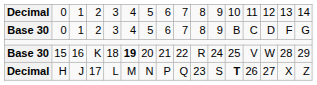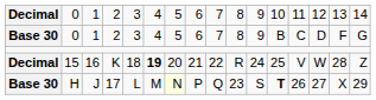 <table class="wikitable">
 <tr align="right">
 <th>Decimal</th>
 <td>0</td>
 <td>1</td>
 <td>2</td>
 <td>3</td>
 <td>4</td>
 <td>5</td>
 <td>6</td>
 <td>7</td>
 <td>8</td>
 <td>9</td>
 <td>10</td>
 <td>11</td>
 <td>12</td>
 <td>13</td>
 <td>14</td>
 </tr>
 <tr align="right">
 <th>Base 30</th>
 <td>0</td>
 <td>1</td>
 <td>2</td>
 <td>3</td>
 <td>4</td>
 <td>5</td>
 <td>6</td>
 <td>7</td>
 <td>8</td>
 <td>9</td>
 <td>B</td>
 <td>C</td>
 <td>D</td>
 <td>F</td>
 <td>G</td>
 </tr>
 <tr>
 <td style="font: 0.5em/0.5em serif;" colspan="19"> </td>
 </tr>
 <tr align="right">
-<th>Base 30</th>
+<th>Decimal</th>
 <td>15</td>
 <td>16</td>
 <td>K</td>
 <td>18</td>
 <td><strong>19</strong></td>
 <td>20</td>
 <td>21</td>
 <td>22</td>
 <td>R</td>
 <td>24</td>
 <td>25</td>
 <td>V</td>
 <td>W</td>
 <td>28</td>
-<td>29</td>
+<td>Z</td>
 </tr>
 <tr align="right">
-<th>Decimal</th>
+<th>Base 30</th>
 <td>H</td>
 <td>J</td>
 <td>17</td>
 <td>L</td>
 <td>M</td>
-<td>N</td>
+<td style="background: lightyellow;">N</td>
 <td>P</td>
 <td>Q</td>
 <td>23</td>
 <td>S</td>
 <td><strong>T</strong></td>
 <td>26</td>
 <td>27</td>
 <td>X</td>
-<td>Z</td>
+<td>29</td>
 </tr>
 </table>
